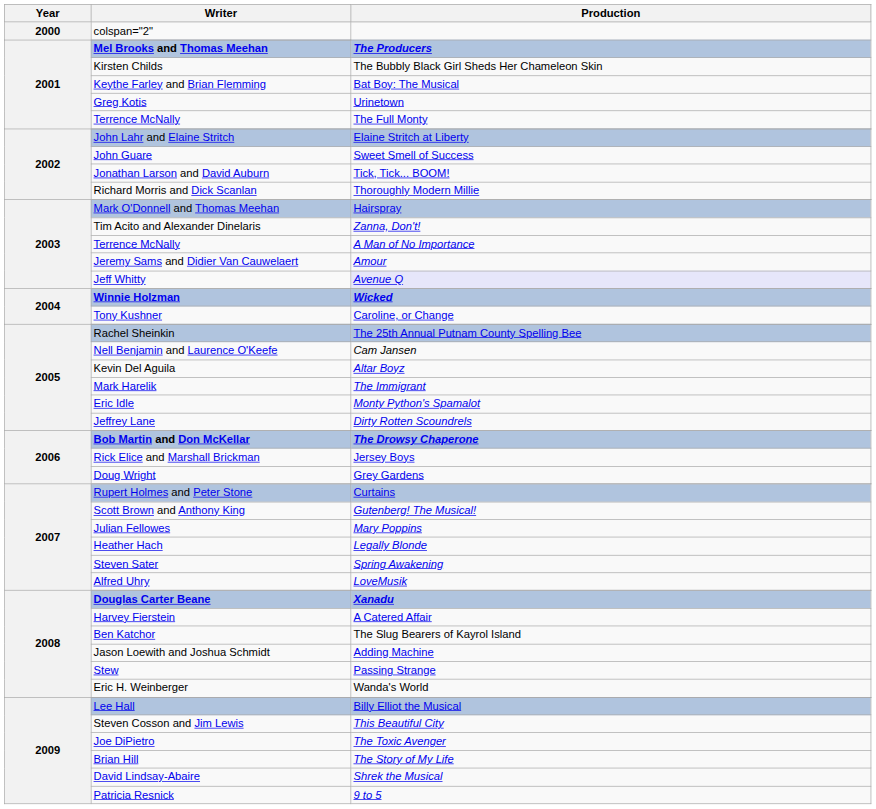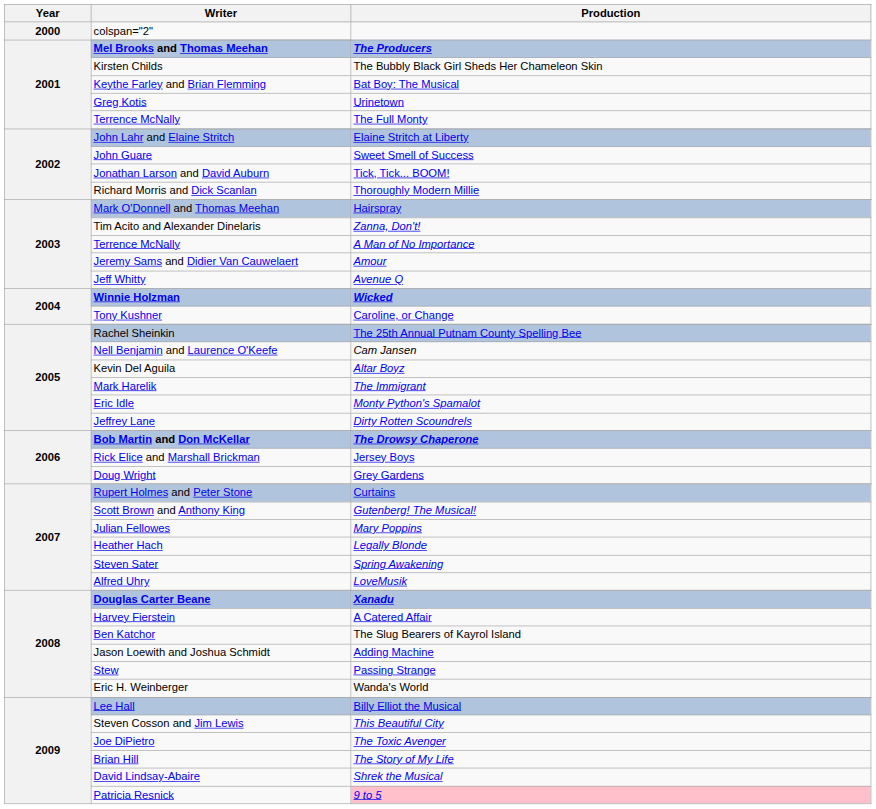 <table class="wikitable" style="width:98%;">
 <tr style="background:#bebebe;">
 <th style="width:10%;">Year</th>
 <th style="width:30%;">Writer</th>
 <th style="width:60%;">Production</th>
 </tr>
 <tr>
 <th align="center">2000</th>
 <td>colspan="2" </td>
 </tr>
 <tr>
 <th rowspan="6" align="center">2001</th>
 </tr>
 <tr style="background:#B0C4DE">
 <td><strong><a href='#'>Mel Brooks</a> and <a href='#'>Thomas Meehan</a></strong></td>
 <td><strong><em><a href='#'>The Producers</a><em> <strong></td>
 </tr>
 <tr>
 <td>Kirsten Childs</td>
 <td></em>The Bubbly Black Girl Sheds Her Chameleon Skin<em></td>
 </tr>
 <tr>
 <td><a href='#'>Keythe Farley</a> and <a href='#'>Brian Flemming</a></td>
 <td></em><a href='#'>Bat Boy: The Musical</a><em></td>
 </tr>
 <tr>
 <td><a href='#'>Greg Kotis</a></td>
 <td></em><a href='#'>Urinetown</a><em></td>
 </tr>
 <tr>
 <td><a href='#'>Terrence McNally</a></td>
 <td></em><a href='#'>The Full Monty</a><em></td>
 </tr>
 <tr>
 <th rowspan="5" align="center">2002</th>
 </tr>
 <tr style="background:#B0C4DE">
 <td></strong><a href='#'>John Lahr</a> and <a href='#'>Elaine Stritch</a><strong></td>
 <td></em></strong><a href='#'>Elaine Stritch at Liberty</a><strong><em></td>
 </tr>
 <tr>
 <td><a href='#'>John Guare</a></td>
 <td></em><a href='#'>Sweet Smell of Success</a><em></td>
 </tr>
 <tr>
 <td><a href='#'>Jonathan Larson</a> and <a href='#'>David Auburn</a></td>
 <td></em><a href='#'>Tick, Tick... BOOM!</a><em></td>
 </tr>
 <tr>
 <td>Richard Morris and <a href='#'>Dick Scanlan</a></td>
 <td></em><a href='#'>Thoroughly Modern Millie</a><em></td>
 </tr>
 <tr>
 <th rowspan="6" align="center">2003</th>
 </tr>
 <tr style="background:#B0C4DE">
 <td></strong><a href='#'>Mark O'Donnell</a> and <a href='#'>Thomas Meehan</a><strong></td>
 <td></em></strong><a href='#'>Hairspray</a></em> </strong></td>
 </tr>
 <tr>
 <td>Tim Acito and Alexander Dinelaris</td>
 <td><em><a href='#'>Zanna, Don't!</a></em></td>
 </tr>
 <tr>
 <td><a href='#'>Terrence McNally</a></td>
 <td><em><a href='#'>A Man of No Importance</a></em></td>
 </tr>
 <tr>
 <td><a href='#'>Jeremy Sams</a> and <a href='#'>Didier Van Cauwelaert</a></td>
 <td><em><a href='#'>Amour</a></em></td>
 </tr>
 <tr>
 <td><a href='#'>Jeff Whitty</a></td>
-<td style="background: lavender;"><em><a href='#'>Avenue Q</a></em></td>
+<td><em><a href='#'>Avenue Q</a></em></td>
 </tr>
 <tr>
 <th rowspan="3" align="center">2004</th>
 </tr>
 <tr style="background:#B0C4DE">
 <td><strong><a href='#'>Winnie Holzman</a></strong></td>
 <td><strong><em><a href='#'>Wicked</a><em> <strong></td>
 </tr>
 <tr>
 <td><a href='#'>Tony Kushner</a></td>
 <td></em><a href='#'>Caroline, or Change</a><em></td>
 </tr>
 <tr>
 <th rowspan="7" align="center">2005</th>
 </tr>
 <tr style="background:#B0C4DE">
 <td></strong>Rachel Sheinkin<strong></td>
 <td></em></strong><a href='#'>The 25th Annual Putnam County Spelling Bee</a></em> </strong></td>
 </tr>
 <tr>
 <td><a href='#'>Nell Benjamin</a> and <a href='#'>Laurence O'Keefe</a></td>
 <td><em>Cam Jansen</em></td>
 </tr>
 <tr>
 <td>Kevin Del Aguila</td>
 <td><em><a href='#'>Altar Boyz</a></em></td>
 </tr>
 <tr>
 <td><a href='#'>Mark Harelik</a></td>
 <td><em><a href='#'>The Immigrant</a></em></td>
 </tr>
 <tr>
 <td><a href='#'>Eric Idle</a></td>
 <td><em><a href='#'>Monty Python's Spamalot</a></em></td>
 </tr>
 <tr>
 <td><a href='#'>Jeffrey Lane</a></td>
 <td><em><a href='#'>Dirty Rotten Scoundrels</a></em></td>
 </tr>
 <tr>
 <th rowspan="4" align="center">2006</th>
 </tr>
 <tr style="background:#B0C4DE">
 <td><strong><a href='#'>Bob Martin</a> and <a href='#'>Don McKellar</a></strong></td>
 <td><strong><em><a href='#'>The Drowsy Chaperone</a><em> <strong></td>
 </tr>
 <tr>
 <td><a href='#'>Rick Elice</a> and <a href='#'>Marshall Brickman</a></td>
 <td></em><a href='#'>Jersey Boys</a><em></td>
 </tr>
 <tr>
 <td><a href='#'>Doug Wright</a></td>
 <td></em><a href='#'>Grey Gardens</a><em></td>
 </tr>
 <tr>
 <th rowspan="7" align="center">2007</th>
 </tr>
 <tr style="background:#B0C4DE">
 <td></strong><a href='#'>Rupert Holmes</a> and <a href='#'>Peter Stone</a><strong></td>
 <td></em></strong><a href='#'>Curtains</a></em> </strong></td>
 </tr>
 <tr>
 <td><a href='#'>Scott Brown</a> and <a href='#'>Anthony King</a></td>
 <td><em><a href='#'>Gutenberg! The Musical!</a></em></td>
 </tr>
 <tr>
 <td><a href='#'>Julian Fellowes</a></td>
 <td><em><a href='#'>Mary Poppins</a></em></td>
 </tr>
 <tr>
 <td><a href='#'>Heather Hach</a></td>
 <td><em><a href='#'>Legally Blonde</a></em></td>
 </tr>
 <tr>
 <td><a href='#'>Steven Sater</a></td>
 <td><em><a href='#'>Spring Awakening</a></em></td>
 </tr>
 <tr>
 <td><a href='#'>Alfred Uhry</a></td>
 <td><em><a href='#'>LoveMusik</a></em></td>
 </tr>
 <tr>
 <th rowspan="7" align="center">2008</th>
 </tr>
 <tr style="background:#B0C4DE">
 <td><strong><a href='#'>Douglas Carter Beane</a></strong></td>
 <td><strong><em><a href='#'>Xanadu</a><em> <strong></td>
 </tr>
 <tr>
 <td><a href='#'>Harvey Fierstein</a></td>
 <td></em><a href='#'>A Catered Affair</a><em></td>
 </tr>
 <tr>
 <td><a href='#'>Ben Katchor</a></td>
 <td></em>The Slug Bearers of Kayrol Island<em></td>
 </tr>
 <tr>
 <td>Jason Loewith and Joshua Schmidt</td>
 <td></em><a href='#'>Adding Machine</a><em></td>
 </tr>
 <tr>
 <td><a href='#'>Stew</a></td>
 <td></em><a href='#'>Passing Strange</a><em></td>
 </tr>
 <tr>
 <td>Eric H. Weinberger</td>
 <td></em>Wanda's World<em></td>
 </tr>
 <tr>
 <th rowspan="7" align="center">2009</th>
 </tr>
 <tr style="background:#B0C4DE">
 <td></strong><a href='#'>Lee Hall</a><strong></td>
 <td></em></strong><a href='#'>Billy Elliot the Musical</a></em> </strong></td>
 </tr>
 <tr>
 <td>Steven Cosson and <a href='#'>Jim Lewis</a></td>
 <td><em><a href='#'>This Beautiful City</a></em></td>
 </tr>
 <tr>
 <td><a href='#'>Joe DiPietro</a></td>
 <td><em><a href='#'>The Toxic Avenger</a></em></td>
 </tr>
 <tr>
 <td><a href='#'>Brian Hill</a></td>
 <td><em><a href='#'>The Story of My Life</a></em></td>
 </tr>
 <tr>
 <td><a href='#'>David Lindsay-Abaire</a></td>
 <td><em><a href='#'>Shrek the Musical</a></em></td>
 </tr>
 <tr>
 <td><a href='#'>Patricia Resnick</a></td>
-<td><em><a href='#'>9 to 5</a></em></td>
+<td style="background: pink;"><em><a href='#'>9 to 5</a></em></td>
 </tr>
 </table>
